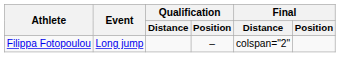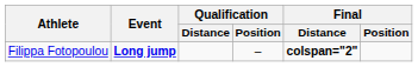 <table class="wikitable" style="font-size:90%">
 <tr>
 <th rowspan="2">Athlete</th>
 <th rowspan="2">Event</th>
 <th colspan="2">Qualification</th>
 <th colspan="2">Final</th>
 </tr>
 <tr style="font-size:95%">
 <th>Distance</th>
 <th>Position</th>
 <th>Distance</th>
 <th>Position</th>
 </tr>
 <tr align="center">
 <td align="left"><a href='#'>Filippa Fotopoulou</a></td>
-<td align="left"><a href='#'>Long jump</a></td>
+<td align="left"><strong><a href='#'>Long jump</a></strong></td>
 <td></td>
 <td>–</td>
-<td>colspan="2" </td>
+<td><strong>colspan="2" </strong></td>
 </tr>
 </table>
